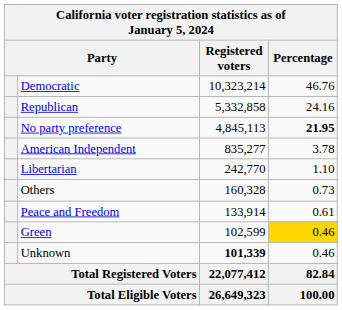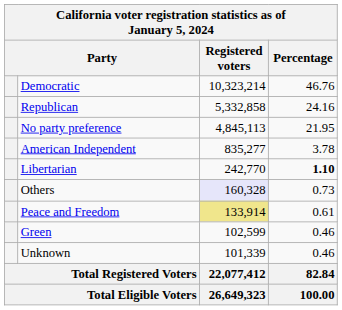 <table class="wikitable sortable" style="font-size: 95%;">
 <tr>
 <th colspan="4">California voter registration statistics as of<br>January 5, 2024</th>
 </tr>
 <tr>
 <th colspan=2 style="width: 15em">Party</th>
 <th style="width: 5em">Registered voters</th>
 <th style="width: 5em">Percentage</th>
 </tr>
 <tr>
 <th style="background:"></th>
 <td style="width: 130px"><a href='#'>Democratic</a></td>
 <td style="text-align:right;">10,323,214</td>
 <td style="text-align:right;">46.76</td>
 </tr>
 <tr>
 <th style="background:"></th>
 <td style="width: 130px"><a href='#'>Republican</a></td>
 <td style="text-align:right;">5,332,858</td>
 <td style="text-align:right;">24.16</td>
 </tr>
 <tr>
 <th style="background:"></th>
 <td style="width: 130px"><a href='#'>No party preference</a></td>
 <td style="text-align:right;">4,845,113</td>
-<td style="text-align:right;"><strong>21.95</strong></td>
+<td style="text-align:right;">21.95</td>
 </tr>
 <tr>
 <th style="background:"></th>
 <td style="width: 130px"><a href='#'>American Independent</a></td>
 <td style="text-align:right;">835,277</td>
 <td style="text-align:right;">3.78</td>
 </tr>
 <tr>
 <th style="background:"></th>
 <td style="width: 130px"><a href='#'>Libertarian</a></td>
 <td style="text-align:right;">242,770</td>
-<td style="text-align:right;">1.10</td>
+<td style="text-align:right;"><strong>1.10</strong></td>
 </tr>
 <tr>
 <th style="background:"></th>
 <td style="width: 130px">Others</td>
-<td style="text-align:right;">160,328</td>
+<td style="background: lavender; text-align:right;">160,328</td>
 <td style="text-align:right;">0.73</td>
 </tr>
 <tr>
 <th style="background:"></th>
 <td style="width: 130px"><a href='#'>Peace and Freedom</a></td>
-<td style="text-align:right;">133,914</td>
+<td style="background: khaki; text-align:right;">133,914</td>
 <td style="text-align:right;">0.61</td>
 </tr>
 <tr>
 <th style="background:"></th>
 <td style="width: 130px"><a href='#'>Green</a></td>
 <td style="text-align:right;">102,599</td>
-<td style="background: gold; text-align:right;">0.46</td>
+<td style="text-align:right;">0.46</td>
 </tr>
 <tr>
 <th style="background:#F5F5F5; width:3px;"></th>
 <td style="width: 130px">Unknown</td>
-<td style="text-align:right;"><strong>101,339</strong></td>
+<td style="text-align:right;">101,339</td>
 <td style="text-align:right;">0.46</td>
 </tr>
 <tr style="background:#eee;">
 <th colspan="2" style="text-align:right;">Total Registered Voters</th>
 <th style="text-align:right;">22,077,412</th>
 <th style="text-align:right;">82.84</th>
 </tr>
 <tr>
 <th colspan="2" style="text-align:right;">Total Eligible Voters</th>
 <th style="text-align:right;">26,649,323</th>
 <th style="text-align:right;">100.00</th>
 </tr>
 </table>
